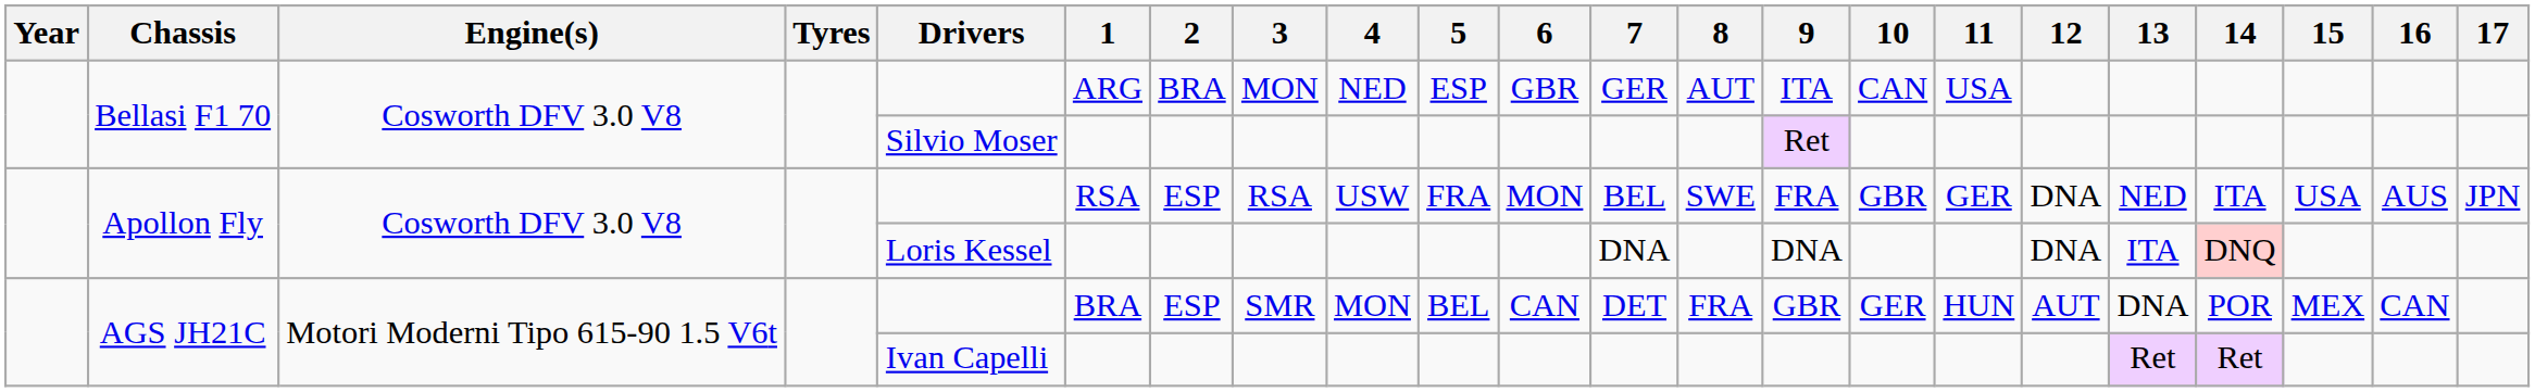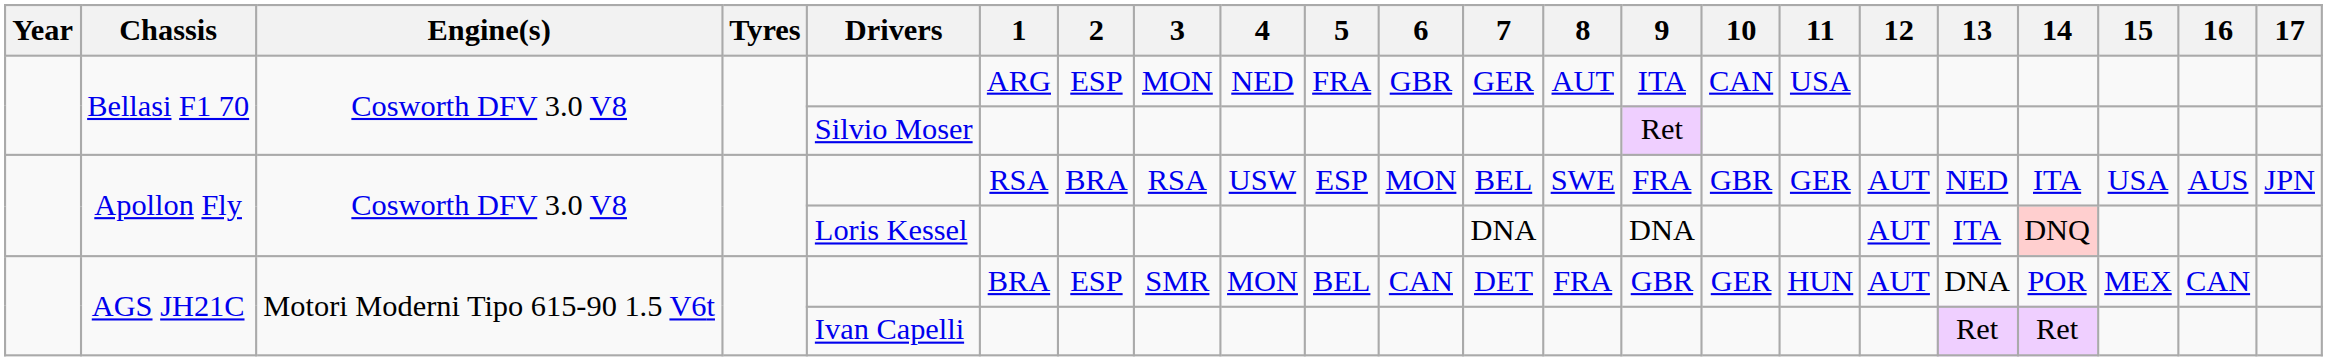 <table class="wikitable" style="text-align:center; font-size:90%">
 <tr>
 <th>Year</th>
 <th>Chassis</th>
 <th>Engine(s)</th>
 <th>Tyres</th>
 <th>Drivers</th>
 <th>1</th>
 <th>2</th>
 <th>3</th>
 <th>4</th>
 <th>5</th>
 <th>6</th>
 <th>7</th>
 <th>8</th>
 <th>9</th>
 <th>10</th>
 <th>11</th>
 <th>12</th>
 <th>13</th>
 <th>14</th>
 <th>15</th>
 <th>16</th>
 <th>17</th>
 </tr>
 <tr>
 <td rowspan=2></td>
 <td rowspan=2><a href='#'>Bellasi</a> <a href='#'>F1 70</a></td>
 <td rowspan=2><a href='#'>Cosworth DFV</a> 3.0 <a href='#'>V8</a></td>
 <td rowspan=2></td>
 <td></td>
 <td><a href='#'>ARG</a></td>
-<td><a href='#'>BRA</a></td>
+<td><a href='#'>ESP</a></td>
 <td><a href='#'>MON</a></td>
 <td><a href='#'>NED</a></td>
-<td><a href='#'>ESP</a></td>
+<td><a href='#'>FRA</a></td>
 <td><a href='#'>GBR</a></td>
 <td><a href='#'>GER</a></td>
 <td><a href='#'>AUT</a></td>
 <td><a href='#'>ITA</a></td>
 <td><a href='#'>CAN</a></td>
 <td><a href='#'>USA</a></td>
 <td></td>
 <td></td>
 <td></td>
 <td></td>
 <td></td>
 <td></td>
 </tr>
 <tr>
 <td align="left"> <a href='#'>Silvio Moser</a></td>
 <td></td>
 <td></td>
 <td></td>
 <td></td>
 <td></td>
 <td></td>
 <td></td>
 <td></td>
 <td style="background:#EFCFFF;">Ret</td>
 <td></td>
 <td></td>
 <td></td>
 <td></td>
 <td></td>
 <td></td>
 <td></td>
 <td></td>
 </tr>
 <tr>
 <td rowspan=2></td>
 <td rowspan=2><a href='#'>Apollon</a> <a href='#'>Fly</a></td>
 <td rowspan=2><a href='#'>Cosworth DFV</a> 3.0 <a href='#'>V8</a></td>
 <td rowspan=2></td>
 <td></td>
 <td><a href='#'>RSA</a></td>
-<td><a href='#'>ESP</a></td>
+<td><a href='#'>BRA</a></td>
 <td><a href='#'>RSA</a></td>
 <td><a href='#'>USW</a></td>
-<td><a href='#'>FRA</a></td>
+<td><a href='#'>ESP</a></td>
 <td><a href='#'>MON</a></td>
 <td><a href='#'>BEL</a></td>
 <td><a href='#'>SWE</a></td>
 <td><a href='#'>FRA</a></td>
 <td><a href='#'>GBR</a></td>
 <td><a href='#'>GER</a></td>
-<td>DNA</td>
+<td><a href='#'>AUT</a></td>
 <td><a href='#'>NED</a></td>
 <td><a href='#'>ITA</a></td>
 <td><a href='#'>USA</a></td>
 <td><a href='#'>AUS</a></td>
 <td><a href='#'>JPN</a></td>
 </tr>
 <tr>
 <td align="left"> <a href='#'>Loris Kessel</a></td>
 <td></td>
 <td></td>
 <td></td>
 <td></td>
 <td></td>
 <td></td>
 <td>DNA</td>
 <td></td>
 <td>DNA</td>
 <td></td>
 <td></td>
-<td>DNA</td>
+<td><a href='#'>AUT</a></td>
 <td><a href='#'>ITA</a></td>
 <td style="background:#FFCFCF;">DNQ</td>
 <td></td>
 <td></td>
 <td></td>
 </tr>
 <tr>
 <td rowspan=2></td>
 <td rowspan=2><a href='#'>AGS</a> <a href='#'>JH21C</a></td>
 <td rowspan=2>Motori Moderni Tipo 615-90 1.5 <a href='#'>V6</a><a href='#'>t</a></td>
 <td rowspan=2></td>
 <td></td>
 <td><a href='#'>BRA</a></td>
 <td><a href='#'>ESP</a></td>
 <td><a href='#'>SMR</a></td>
 <td><a href='#'>MON</a></td>
 <td><a href='#'>BEL</a></td>
 <td><a href='#'>CAN</a></td>
 <td><a href='#'>DET</a></td>
 <td><a href='#'>FRA</a></td>
 <td><a href='#'>GBR</a></td>
 <td><a href='#'>GER</a></td>
 <td><a href='#'>HUN</a></td>
 <td><a href='#'>AUT</a></td>
 <td>DNA</td>
 <td><a href='#'>POR</a></td>
 <td><a href='#'>MEX</a></td>
 <td><a href='#'>CAN</a></td>
 <td></td>
 </tr>
 <tr>
 <td style="text-align:left"> <a href='#'>Ivan Capelli</a></td>
 <td></td>
 <td></td>
 <td></td>
 <td></td>
 <td></td>
 <td></td>
 <td></td>
 <td></td>
 <td></td>
 <td></td>
 <td></td>
 <td></td>
 <td style="background:#efcfff;">Ret</td>
 <td style="background:#efcfff;">Ret</td>
 <td></td>
 <td></td>
 </tr>
 </table>
